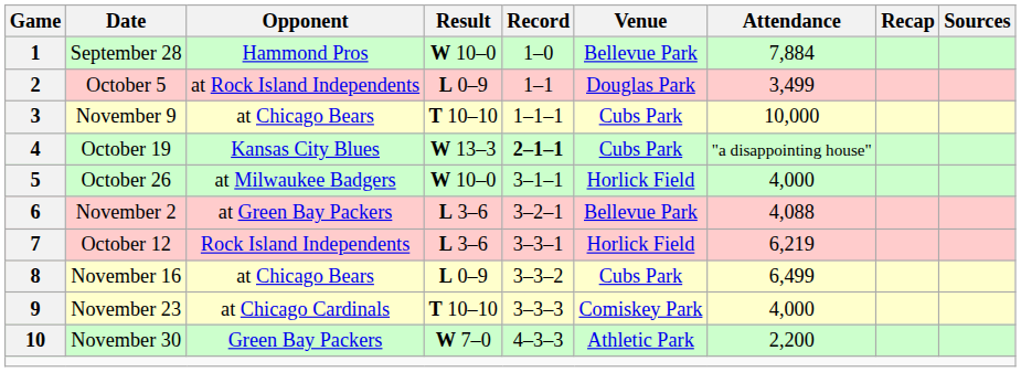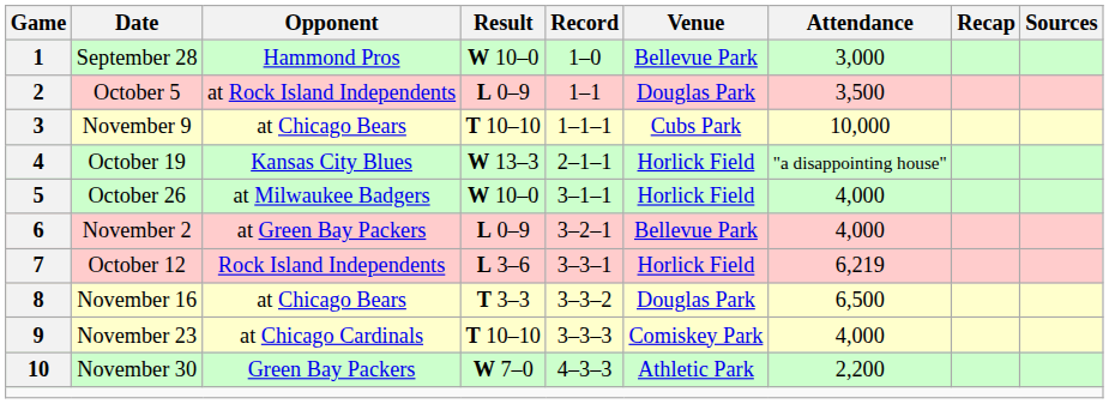 <table class="wikitable" style="text-align:center">
 <tr>
 <th>Game</th>
 <th>Date</th>
 <th>Opponent</th>
 <th>Result</th>
 <th>Record</th>
 <th>Venue</th>
 <th>Attendance</th>
 <th>Recap</th>
 <th>Sources</th>
 </tr>
 <tr style="background:#cfc">
 <th>1</th>
 <td>September 28</td>
 <td><a href='#'>Hammond Pros</a></td>
 <td><strong>W</strong> 10–0</td>
 <td>1–0</td>
 <td><a href='#'>Bellevue Park</a></td>
-<td>7,884</td>
+<td>3,000</td>
 <td></td>
 <td></td>
 </tr>
 <tr style="background:#fcc">
 <th>2</th>
 <td>October 5</td>
 <td>at <a href='#'>Rock Island Independents</a></td>
 <td><strong>L</strong> 0–9</td>
 <td>1–1</td>
 <td><a href='#'>Douglas Park</a></td>
-<td>3,499</td>
+<td>3,500</td>
 <td></td>
 <td></td>
 </tr>
 <tr style="background:#ffc">
 <th>3</th>
 <td>November 9</td>
 <td>at <a href='#'>Chicago Bears</a></td>
 <td><strong>T</strong> 10–10</td>
 <td>1–1–1</td>
 <td><a href='#'>Cubs Park</a></td>
 <td>10,000</td>
 <td></td>
 <td></td>
 </tr>
 <tr style="background:#cfc">
 <th>4</th>
 <td>October 19</td>
 <td><a href='#'>Kansas City Blues</a></td>
 <td><strong>W</strong> 13–3</td>
-<td><strong>2–1–1</strong></td>
-<td><a href='#'>Cubs Park</a></td>
+<td>2–1–1</td>
+<td><a href='#'>Horlick Field</a></td>
 <td><small>"a disappointing house"</small></td>
 <td></td>
 <td></td>
 </tr>
 <tr style="background:#cfc">
 <th>5</th>
 <td>October 26</td>
 <td>at <a href='#'>Milwaukee Badgers</a></td>
 <td><strong>W</strong> 10–0</td>
 <td>3–1–1</td>
 <td><a href='#'>Horlick Field</a></td>
 <td>4,000</td>
 <td></td>
 <td></td>
 </tr>
 <tr style="background:#fcc">
 <th>6</th>
 <td>November 2</td>
 <td>at <a href='#'>Green Bay Packers</a></td>
-<td><strong>L</strong> 3–6</td>
+<td><strong>L</strong> 0–9</td>
 <td>3–2–1</td>
 <td><a href='#'>Bellevue Park</a></td>
-<td>4,088</td>
+<td>4,000</td>
 <td></td>
 <td></td>
 </tr>
 <tr style="background:#fcc">
 <th>7</th>
 <td>October 12</td>
 <td><a href='#'>Rock Island Independents</a></td>
 <td><strong>L</strong> 3–6</td>
 <td>3–3–1</td>
 <td><a href='#'>Horlick Field</a></td>
 <td>6,219</td>
 <td></td>
 <td></td>
 </tr>
 <tr style="background:#ffc">
 <th>8</th>
 <td>November 16</td>
 <td>at <a href='#'>Chicago Bears</a></td>
-<td><strong>L</strong> 0–9</td>
+<td><strong>T</strong> 3–3</td>
 <td>3–3–2</td>
-<td><a href='#'>Cubs Park</a></td>
-<td>6,499</td>
+<td><a href='#'>Douglas Park</a></td>
+<td>6,500</td>
 <td></td>
 <td></td>
 </tr>
 <tr style="background:#ffc">
 <th>9</th>
 <td>November 23</td>
 <td>at <a href='#'>Chicago Cardinals</a></td>
 <td><strong>T</strong> 10–10</td>
 <td>3–3–3</td>
 <td><a href='#'>Comiskey Park</a></td>
 <td>4,000</td>
 <td></td>
 <td></td>
 </tr>
 <tr style="background:#cfc">
 <th>10</th>
 <td>November 30</td>
 <td><a href='#'>Green Bay Packers</a></td>
 <td><strong>W</strong> 7–0</td>
 <td>4–3–3</td>
 <td><a href='#'>Athletic Park</a></td>
 <td>2,200</td>
 <td></td>
 <td></td>
 </tr>
 <tr>
 <td colspan="10"></td>
 </tr>
 </table>
